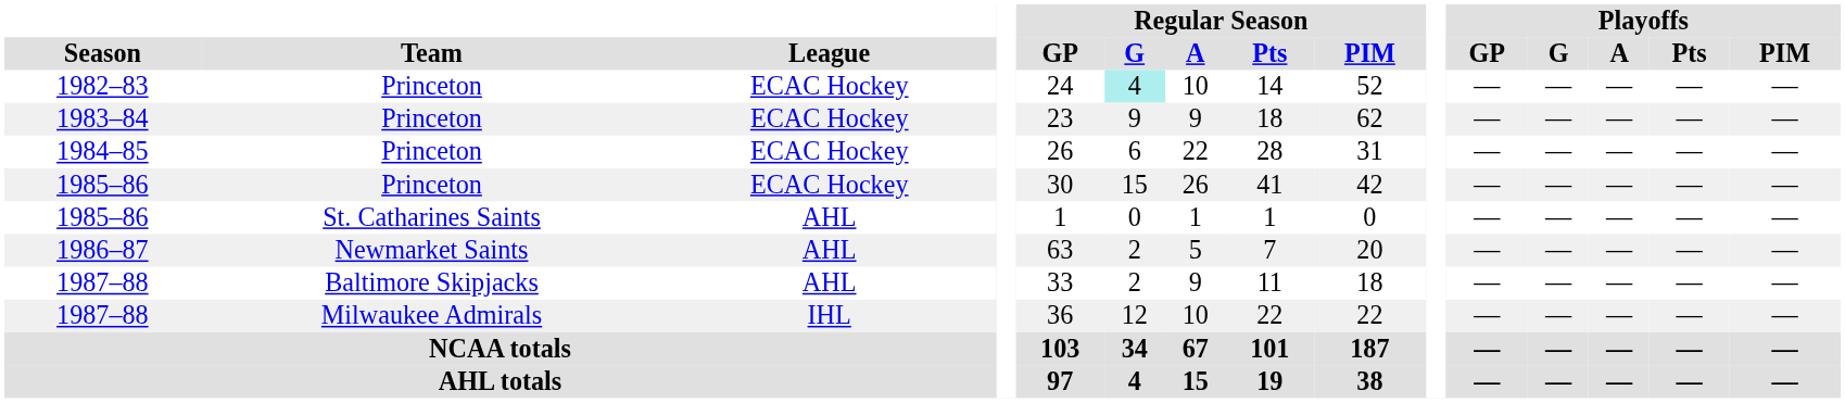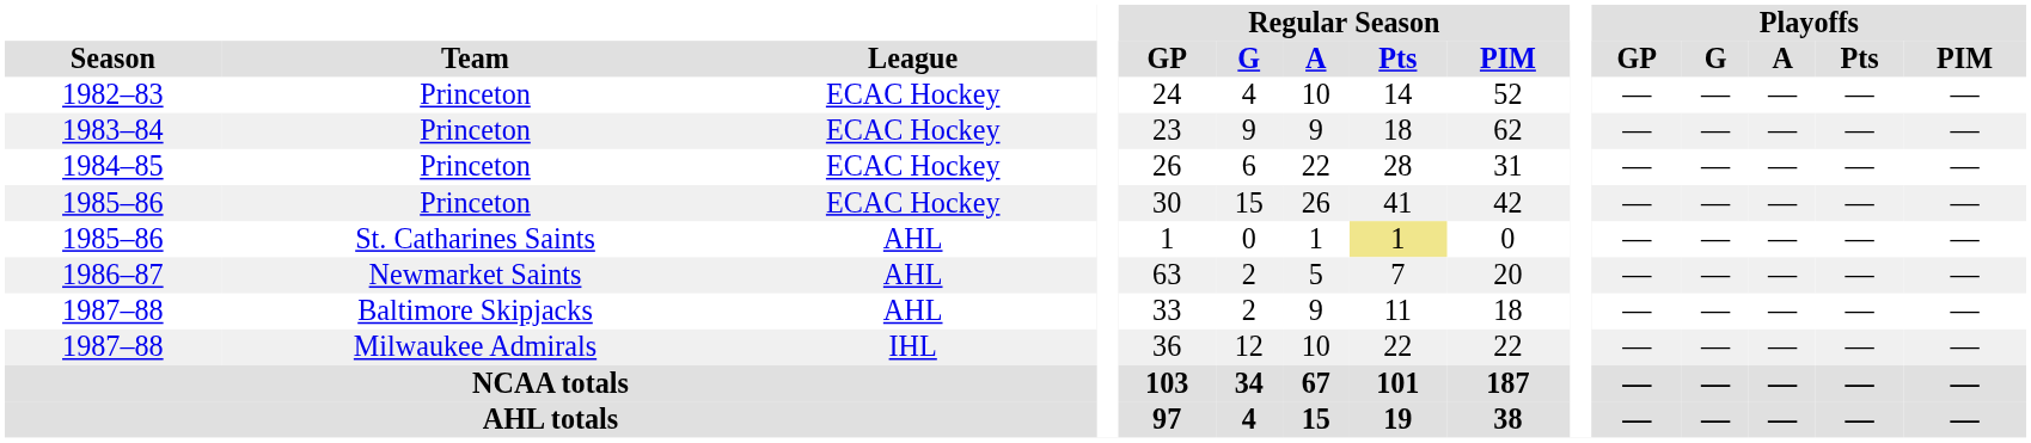 <table border="0" cellpadding="1" cellspacing="0" style="text-align:center; width:70em">
 <tr bgcolor="#e0e0e0">
 <th colspan="3"  bgcolor="#ffffff"> </th>
 <th rowspan="99" bgcolor="#ffffff"> </th>
 <th colspan="5">Regular Season</th>
 <th rowspan="99" bgcolor="#ffffff"> </th>
 <th colspan="5">Playoffs</th>
 </tr>
 <tr bgcolor="#e0e0e0">
 <th>Season</th>
 <th>Team</th>
 <th>League</th>
 <th>GP</th>
 <th><a href='#'>G</a></th>
 <th><a href='#'>A</a></th>
 <th><a href='#'>Pts</a></th>
 <th><a href='#'>PIM</a></th>
 <th>GP</th>
 <th>G</th>
 <th>A</th>
 <th>Pts</th>
 <th>PIM</th>
 </tr>
 <tr>
 <td><a href='#'>1982–83</a></td>
 <td><a href='#'>Princeton</a></td>
 <td><a href='#'>ECAC Hockey</a></td>
 <td>24</td>
-<td style="background: paleturquoise;">4</td>
+<td>4</td>
 <td>10</td>
 <td>14</td>
 <td>52</td>
 <td>—</td>
 <td>—</td>
 <td>—</td>
 <td>—</td>
 <td>—</td>
 </tr>
 <tr bgcolor="f0f0f0">
 <td><a href='#'>1983–84</a></td>
 <td><a href='#'>Princeton</a></td>
 <td><a href='#'>ECAC Hockey</a></td>
 <td>23</td>
 <td>9</td>
 <td>9</td>
 <td>18</td>
 <td>62</td>
 <td>—</td>
 <td>—</td>
 <td>—</td>
 <td>—</td>
 <td>—</td>
 </tr>
 <tr>
 <td><a href='#'>1984–85</a></td>
 <td><a href='#'>Princeton</a></td>
 <td><a href='#'>ECAC Hockey</a></td>
 <td>26</td>
 <td>6</td>
 <td>22</td>
 <td>28</td>
 <td>31</td>
 <td>—</td>
 <td>—</td>
 <td>—</td>
 <td>—</td>
 <td>—</td>
 </tr>
 <tr bgcolor="f0f0f0">
 <td><a href='#'>1985–86</a></td>
 <td><a href='#'>Princeton</a></td>
 <td><a href='#'>ECAC Hockey</a></td>
 <td>30</td>
 <td>15</td>
 <td>26</td>
 <td>41</td>
 <td>42</td>
 <td>—</td>
 <td>—</td>
 <td>—</td>
 <td>—</td>
 <td>—</td>
 </tr>
 <tr>
 <td><a href='#'>1985–86</a></td>
 <td><a href='#'>St. Catharines Saints</a></td>
 <td><a href='#'>AHL</a></td>
 <td>1</td>
 <td>0</td>
 <td>1</td>
-<td>1</td>
+<td style="background: khaki;">1</td>
 <td>0</td>
 <td>—</td>
 <td>—</td>
 <td>—</td>
 <td>—</td>
 <td>—</td>
 </tr>
 <tr bgcolor="f0f0f0">
 <td><a href='#'>1986–87</a></td>
 <td><a href='#'>Newmarket Saints</a></td>
 <td><a href='#'>AHL</a></td>
 <td>63</td>
 <td>2</td>
 <td>5</td>
 <td>7</td>
 <td>20</td>
 <td>—</td>
 <td>—</td>
 <td>—</td>
 <td>—</td>
 <td>—</td>
 </tr>
 <tr>
 <td><a href='#'>1987–88</a></td>
 <td><a href='#'>Baltimore Skipjacks</a></td>
 <td><a href='#'>AHL</a></td>
 <td>33</td>
 <td>2</td>
 <td>9</td>
 <td>11</td>
 <td>18</td>
 <td>—</td>
 <td>—</td>
 <td>—</td>
 <td>—</td>
 <td>—</td>
 </tr>
 <tr bgcolor="f0f0f0">
 <td><a href='#'>1987–88</a></td>
 <td><a href='#'>Milwaukee Admirals</a></td>
 <td><a href='#'>IHL</a></td>
 <td>36</td>
 <td>12</td>
 <td>10</td>
 <td>22</td>
 <td>22</td>
 <td>—</td>
 <td>—</td>
 <td>—</td>
 <td>—</td>
 <td>—</td>
 </tr>
 <tr bgcolor="#e0e0e0">
 <th colspan="3">NCAA totals</th>
 <th>103</th>
 <th>34</th>
 <th>67</th>
 <th>101</th>
 <th>187</th>
 <th>—</th>
 <th>—</th>
 <th>—</th>
 <th>—</th>
 <th>—</th>
 </tr>
 <tr bgcolor="#e0e0e0">
 <th colspan="3">AHL totals</th>
 <th>97</th>
 <th>4</th>
 <th>15</th>
 <th>19</th>
 <th>38</th>
 <th>—</th>
 <th>—</th>
 <th>—</th>
 <th>—</th>
 <th>—</th>
 </tr>
 </table>
